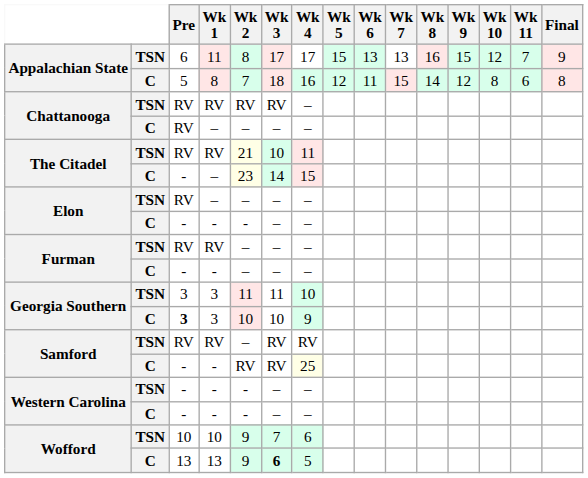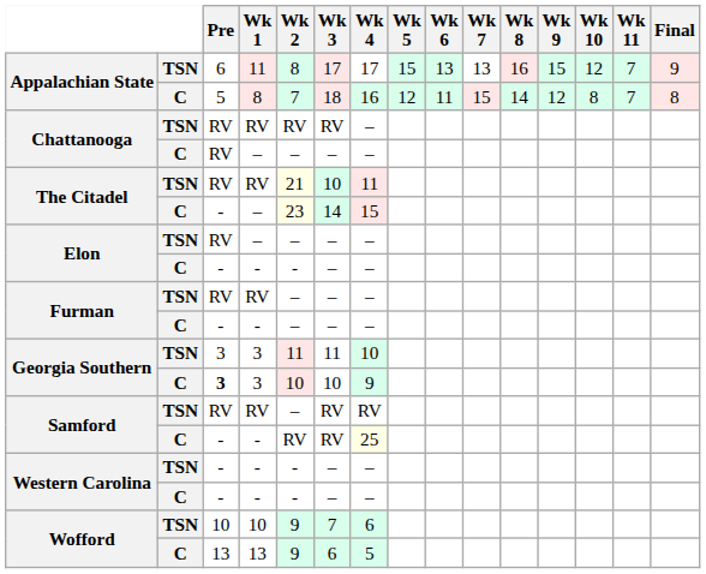 <table class="wikitable" style="white-space:nowrap;font-size:70%;">
 <tr>
 <th colspan=2 style="background:white; border-top-style:hidden; border-left-style:hidden;"> </th>
 <th>Pre</th>
 <th>Wk<br>1</th>
 <th>Wk<br>2</th>
 <th>Wk<br>3</th>
 <th>Wk<br>4</th>
 <th>Wk<br>5</th>
 <th>Wk<br>6</th>
 <th>Wk<br>7</th>
 <th>Wk<br>8</th>
 <th>Wk<br>9</th>
 <th>Wk<br>10</th>
 <th>Wk<br>11</th>
 <th>Final</th>
 </tr>
 <tr style="text-align:center;">
 <th rowspan=2>Appalachian State</th>
 <th>TSN</th>
 <td style="background:#FFF;">6</td>
 <td style="background:#FFE6E6;">11</td>
 <td style="background:#D8FFEB;">8</td>
 <td style="background:#FFE6E6;">17</td>
 <td style="background:#FFF;">17</td>
 <td style="background:#D8FFEB;">15</td>
 <td style="background:#D8FFEB;">13</td>
 <td style="background:#FFF;">13</td>
 <td style="background:#FFE6E6;">16</td>
 <td style="background:#D8FFEB;">15</td>
 <td style="background:#D8FFEB;">12</td>
 <td style="background:#D8FFEB;">7</td>
 <td style="background:#FFE6E6;">9</td>
 </tr>
 <tr style="text-align:center;">
 <th>C</th>
 <td style="background:#FFF;">5</td>
 <td style="background:#FFE6E6;">8</td>
 <td style="background:#D8FFEB;">7</td>
 <td style="background:#FFE6E6;">18</td>
 <td style="background:#D8FFEB;">16</td>
 <td style="background:#D8FFEB;">12</td>
 <td style="background:#D8FFEB;">11</td>
 <td style="background:#FFE6E6;">15</td>
 <td style="background:#D8FFEB;">14</td>
 <td style="background:#D8FFEB;">12</td>
 <td style="background:#D8FFEB;">8</td>
-<td style="background:#D8FFEB;">6</td>
+<td style="background:#D8FFEB;">7</td>
 <td style="background:#FFE6E6;">8</td>
 </tr>
 <tr style="text-align:center;">
 <th rowspan=2>Chattanooga</th>
 <th>TSN</th>
 <td style="background:#FFF;">RV</td>
 <td style="background:#FFF;">RV</td>
 <td style="background:#FFF;">RV</td>
 <td style="background:#FFF;">RV</td>
 <td style="background:#FFF;">–</td>
 <td style="background:#FFF;"></td>
 <td style="background:#FFF;"></td>
 <td style="background:#FFF;"></td>
 <td style="background:#FFF;"></td>
 <td style="background:#FFF;"></td>
 <td style="background:#FFF;"></td>
 <td style="background:#FFF;"></td>
 <td style="background:#FFF;"></td>
 </tr>
 <tr style="text-align:center;">
 <th>C</th>
 <td style="background:#FFF;">RV</td>
 <td style="background:#FFF;">–</td>
 <td style="background:#FFF;">–</td>
 <td style="background:#FFF;">–</td>
 <td style="background:#FFF;">–</td>
 <td style="background:#FFF;"></td>
 <td style="background:#FFF;"></td>
 <td style="background:#FFF;"></td>
 <td style="background:#FFF;"></td>
 <td style="background:#FFF;"></td>
 <td style="background:#FFF;"></td>
 <td style="background:#FFF;"></td>
 <td style="background:#FFF;"></td>
 </tr>
 <tr style="text-align:center;">
 <th rowspan=2>The Citadel</th>
 <th>TSN</th>
 <td style="background:#FFF;">RV</td>
 <td style="background:#FFF;">RV</td>
 <td style="background:#FFFFE6;">21</td>
 <td style="background:#D8FFEB;">10</td>
 <td style="background:#FFE6E6;">11</td>
 <td style="background:#FFF;"></td>
 <td style="background:#FFF;"></td>
 <td style="background:#FFF;"></td>
 <td style="background:#FFF;"></td>
 <td style="background:#FFF;"></td>
 <td style="background:#FFF;"></td>
 <td style="background:#FFF;"></td>
 <td style="background:#FFF;"></td>
 </tr>
 <tr style="text-align:center;">
 <th>C</th>
 <td style="background:#FFF;">-</td>
 <td style="background:#FFF;">–</td>
 <td style="background:#FFFFE6;">23</td>
 <td style="background:#D8FFEB;">14</td>
 <td style="background:#FFE6E6;">15</td>
 <td style="background:#FFF;"></td>
 <td style="background:#FFF;"></td>
 <td style="background:#FFF;"></td>
 <td style="background:#FFF;"></td>
 <td style="background:#FFF;"></td>
 <td style="background:#FFF;"></td>
 <td style="background:#FFF;"></td>
 <td style="background:#FFF;"></td>
 </tr>
 <tr style="text-align:center;">
 <th rowspan=2>Elon</th>
 <th>TSN</th>
 <td style="background:#FFF;">RV</td>
 <td style="background:#FFF;">–</td>
 <td style="background:#FFF;">–</td>
 <td style="background:#FFF;">–</td>
 <td style="background:#FFF;">–</td>
 <td style="background:#FFF;"></td>
 <td style="background:#FFF;"></td>
 <td style="background:#FFF;"></td>
 <td style="background:#FFF;"></td>
 <td style="background:#FFF;"></td>
 <td style="background:#FFF;"></td>
 <td style="background:#FFF;"></td>
 <td style="background:#FFF;"></td>
 </tr>
 <tr style="text-align:center;">
 <th>C</th>
 <td style="background:#FFF;">-</td>
 <td style="background:#FFF;">-</td>
 <td style="background:#FFF;">-</td>
 <td style="background:#FFF;">–</td>
 <td style="background:#FFF;">–</td>
 <td style="background:#FFF;"></td>
 <td style="background:#FFF;"></td>
 <td style="background:#FFF;"></td>
 <td style="background:#FFF;"></td>
 <td style="background:#FFF;"></td>
 <td style="background:#FFF;"></td>
 <td style="background:#FFF;"></td>
 <td style="background:#FFF;"></td>
 </tr>
 <tr style="text-align:center;">
 <th rowspan=2>Furman</th>
 <th>TSN</th>
 <td style="background:#FFF;">RV</td>
 <td style="background:#FFF;">RV</td>
 <td style="background:#FFF;">–</td>
 <td style="background:#FFF;">–</td>
 <td style="background:#FFF;">–</td>
 <td style="background:#FFF;"></td>
 <td style="background:#FFF;"></td>
 <td style="background:#FFF;"></td>
 <td style="background:#FFF;"></td>
 <td style="background:#FFF;"></td>
 <td style="background:#FFF;"></td>
 <td style="background:#FFF;"></td>
 <td style="background:#FFF;"></td>
 </tr>
 <tr style="text-align:center;">
 <th>C</th>
 <td style="background:#FFF;">-</td>
 <td style="background:#FFF;">-</td>
 <td style="background:#FFF;">–</td>
 <td style="background:#FFF;">–</td>
 <td style="background:#FFF;">–</td>
 <td style="background:#FFF;"></td>
 <td style="background:#FFF;"></td>
 <td style="background:#FFF;"></td>
 <td style="background:#FFF;"></td>
 <td style="background:#FFF;"></td>
 <td style="background:#FFF;"></td>
 <td style="background:#FFF;"></td>
 <td style="background:#FFF;"></td>
 </tr>
 <tr style="text-align:center;">
 <th rowspan=2>Georgia Southern</th>
 <th>TSN</th>
 <td style="background:#FFF;">3</td>
 <td style="background:#FFF;">3</td>
 <td style="background:#FFE6E6;">11</td>
 <td style="background:#FFF;">11</td>
 <td style="background:#D8FFEB;">10</td>
 <td style="background:#FFF;"></td>
 <td style="background:#FFF;"></td>
 <td style="background:#FFF;"></td>
 <td style="background:#FFF;"></td>
 <td style="background:#FFF;"></td>
 <td style="background:#FFF;"></td>
 <td style="background:#FFF;"></td>
 <td style="background:#FFF;"></td>
 </tr>
 <tr style="text-align:center;">
 <th>C</th>
 <td style="background:#FFF;"><strong>3</strong></td>
 <td style="background:#FFF;">3</td>
 <td style="background:#FFE6E6;">10</td>
 <td style="background:#FFF;">10</td>
 <td style="background:#D8FFEB;">9</td>
 <td style="background:#FFF;"></td>
 <td style="background:#FFF;"></td>
 <td style="background:#FFF;"></td>
 <td style="background:#FFF;"></td>
 <td style="background:#FFf;"></td>
 <td style="background:#FFF;"></td>
 <td style="background:#FFF;"></td>
 <td style="background:#FFF;"></td>
 </tr>
 <tr style="text-align:center;">
 <th rowspan=2>Samford</th>
 <th>TSN</th>
 <td style="background:#FFF;">RV</td>
 <td style="background:#FFF;">RV</td>
 <td style="background:#FFF;">–</td>
 <td style="background:#FFF;">RV</td>
 <td style="background:#FFF;">RV</td>
 <td style="background:#FFF;"></td>
 <td style="background:#FFF;"></td>
 <td style="background:#FFF;"></td>
 <td style="background:#FFF;"></td>
 <td style="background:#FFF;"></td>
 <td style="background:#FFF;"></td>
 <td style="background:#FFF;"></td>
 <td style="background:#FFF;"></td>
 </tr>
 <tr style="text-align:center;">
 <th>C</th>
 <td style="background:#FFF;">-</td>
 <td style="background:#FFF;">-</td>
 <td style="background:#FFF;">RV</td>
 <td style="background:#FFF;">RV</td>
 <td style="background:#FFFFE6;">25</td>
 <td style="background:#FFF;"></td>
 <td style="background:#FFF;"></td>
 <td style="background:#FFF;"></td>
 <td style="background:#FFF;"></td>
 <td style="background:#FFF;"></td>
 <td style="background:#FFF;"></td>
 <td style="background:#FFF;"></td>
 <td style="background:#FFF;"></td>
 </tr>
 <tr style="text-align:center;">
 <th rowspan=2>Western Carolina</th>
 <th>TSN</th>
 <td style="background:#FFF;">-</td>
 <td style="background:#FFF;">-</td>
 <td style="background:#FFF;">-</td>
 <td style="background:#FFF;">–</td>
 <td style="background:#FFF;">–</td>
 <td style="background:#FFF;"></td>
 <td style="background:#FFF;"></td>
 <td style="background:#FFF;"></td>
 <td style="background:#FFF;"></td>
 <td style="background:#FFF;"></td>
 <td style="background:#FFF;"></td>
 <td style="background:#FFF;"></td>
 <td style="background:#FFF;"></td>
 </tr>
 <tr style="text-align:center;">
 <th>C</th>
 <td style="background:#FFF;">-</td>
 <td style="background:#FFF;">-</td>
 <td style="background:#FFF;">-</td>
 <td style="background:#FFF;">–</td>
 <td style="background:#FFF;">–</td>
 <td style="background:#FFF;"></td>
 <td style="background:#FFF;"></td>
 <td style="background:#FFF;"></td>
 <td style="background:#FFF;"></td>
 <td style="background:#FFF;"></td>
 <td style="background:#FFF;"></td>
 <td style="background:#FFF;"></td>
 <td style="background:#FFF;"></td>
 </tr>
 <tr style="text-align:center;">
 <th rowspan=2>Wofford</th>
 <th>TSN</th>
 <td style="background:#FFF;">10</td>
 <td style="background:#FFF;">10</td>
 <td style="background:#D8FFEB;">9</td>
 <td style="background:#D8FFEB;">7</td>
 <td style="background:#D8FFEB;">6</td>
 <td style="background:#FFF;"></td>
 <td style="background:#FFF;"></td>
 <td style="background:#FFF;"></td>
 <td style="background:#FFF;"></td>
 <td style="background:#FFF;"></td>
 <td style="background:#FFF;"></td>
 <td style="background:#FFF;"></td>
 <td style="background:#FFF;"></td>
 </tr>
 <tr style="text-align:center;">
 <th>C</th>
 <td style="background:#FFF;">13</td>
 <td style="background:#FFF;">13</td>
 <td style="background:#D8FFEB;">9</td>
-<td style="background:#D8FFEB;"><strong>6</strong></td>
+<td style="background:#D8FFEB;">6</td>
 <td style="background:#D8FFEB;">5</td>
 <td style="background:#FFF;"></td>
 <td style="background:#FFF;"></td>
 <td style="background:#FFF;"></td>
 <td style="background:#FFF;"></td>
 <td style="background:#FFF;"></td>
 <td style="background:#FFF;"></td>
 <td style="background:#FFF;"></td>
 <td style="background:#FFF;"></td>
 </tr>
 </table>
